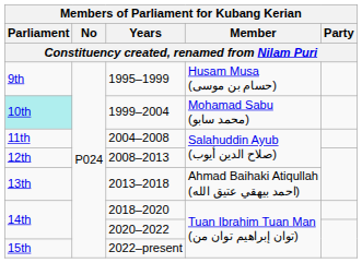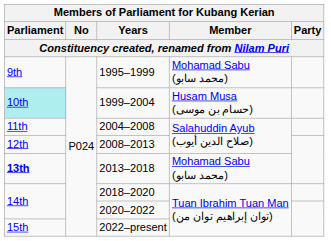 <table class=wikitable>
 <tr>
 <th colspan="5">Members of Parliament for Kubang Kerian</th>
 </tr>
 <tr>
 <th>Parliament</th>
 <th>No</th>
 <th>Years</th>
 <th>Member</th>
 <th>Party</th>
 </tr>
 <tr>
 <th colspan="5" align="center"><em>Constituency created, renamed from <a href='#'>Nilam Puri</a></em></th>
 </tr>
 <tr>
 <td><a href='#'>9th</a></td>
 <td rowspan="8">P024</td>
 <td>1995–1999</td>
-<td><a href='#'>Husam Musa</a>  <br> (حسام بن موسى)</td>
+<td><a href='#'>Mohamad Sabu</a>  <br> (محمد سابو)</td>
 <td></td>
 </tr>
 <tr>
 <td style="background: paleturquoise;"><a href='#'>10th</a></td>
 <td>1999–2004</td>
-<td><a href='#'>Mohamad Sabu</a>  <br> (محمد سابو)</td>
+<td><a href='#'>Husam Musa</a>  <br> (حسام بن موسى)</td>
 <td></td>
 </tr>
 <tr>
 <td><a href='#'>11th</a></td>
 <td>2004–2008</td>
 <td rowspan=2><a href='#'>Salahuddin Ayub</a> <br>  (صلاح الدين أيوب)</td>
 <td></td>
 </tr>
 <tr>
 <td><a href='#'>12th</a></td>
 <td>2008–2013</td>
 <td rowspan=2></td>
 </tr>
 <tr>
-<td><a href='#'>13th</a></td>
+<td><strong><a href='#'>13th</a></strong></td>
 <td>2013–2018</td>
-<td>Ahmad Baihaki Atiqullah <br>  (احمد بيهقي عتيق الله)</td>
+<td><a href='#'>Mohamad Sabu</a>  <br> (محمد سابو)</td>
 </tr>
 <tr>
 <td rowspan=2><a href='#'>14th</a></td>
 <td>2018–2020</td>
 <td rowspan="3"><a href='#'>Tuan Ibrahim Tuan Man</a>  <br> (توان إبراهيم توان من)</td>
 <td></td>
 </tr>
 <tr>
 <td>2020–2022</td>
 <td rowspan="2"></td>
 </tr>
 <tr>
 <td><a href='#'>15th</a></td>
 <td>2022–present</td>
 </tr>
 </table>
